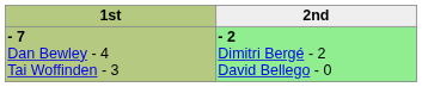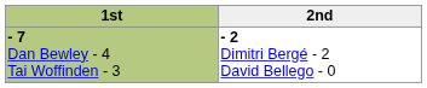 <table border="1" cellpadding="2" cellspacing="0"  style="width:50%; border-collapse:collapse;">
 <tr style="text-align:left; background:#efefef;">
 <th width=15% align=center style="background-color: #b5c981;">1st</th>
 <th width=15% align=center>2nd</th>
 </tr>
 <tr align=left>
 <td valign=top align=left style="background-color: #b5c981;"><strong> - 7</strong><br><a href='#'>Dan Bewley</a> - 4<br><a href='#'>Tai Woffinden</a> - 3</td>
-<td valign=top align=left style="background: lightgreen;"><strong> - 2</strong><br><a href='#'>Dimitri Bergé</a> - 2<br><a href='#'>David Bellego</a> - 0</td>
+<td valign=top align=left><strong> - 2</strong><br><a href='#'>Dimitri Bergé</a> - 2<br><a href='#'>David Bellego</a> - 0</td>
 </tr>
 </table>
